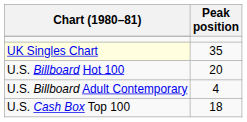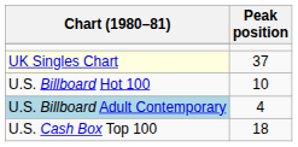 <table class="wikitable sortable">
 <tr>
 <th align="left">Chart (1980–81)</th>
 <th align="left">Peak<br>position</th>
 </tr>
 <tr>
 </tr>
 <tr>
 <td></td>
 </tr>
 <tr>
 <td style="background: lightyellow;"><a href='#'>UK Singles Chart</a></td>
-<td style="text-align:center;">35</td>
+<td style="text-align:center;">37</td>
 </tr>
 <tr>
 <td>U.S. <em><a href='#'>Billboard</a></em> <a href='#'>Hot 100</a></td>
-<td style="text-align:center;">20</td>
+<td style="text-align:center;">10</td>
 </tr>
 <tr>
-<td>U.S. <em>Billboard</em> <a href='#'>Adult Contemporary</a></td>
+<td style="background: lightblue;">U.S. <em>Billboard</em> <a href='#'>Adult Contemporary</a></td>
 <td style="text-align:center;">4</td>
 </tr>
 <tr>
 <td>U.S. <em><a href='#'>Cash Box</a></em> Top 100</td>
 <td style="text-align:center;">18</td>
 </tr>
 </table>
